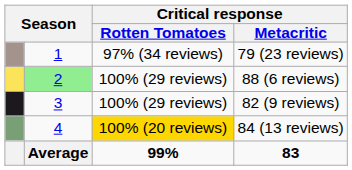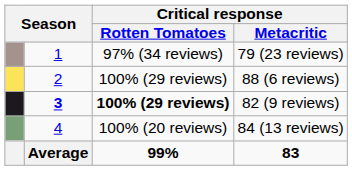 <table class="wikitable plainrowheaders" style="float:right; text-align:center; margin:10px;">
 <tr>
 <th style="padding:0 8px;" colspan="2" rowspan="2">Season</th>
 <th style="padding:0 8px;" colspan="2">Critical response</th>
 </tr>
 <tr>
 <th style="padding:0 8px;"><a href='#'>Rotten Tomatoes</a></th>
 <th style="padding:0 8px;"><a href='#'>Metacritic</a></th>
 </tr>
 <tr>
 <th scope="row" style="width:12px; background:#A4928D;"></th>
 <td><a href='#'>1</a></td>
 <td>97% (34 reviews)</td>
 <td>79 (23 reviews)</td>
 </tr>
 <tr>
 <th scope="row" style="width:12px; background:#FBE45A;"></th>
-<td style="background: lightgreen;"><a href='#'>2</a></td>
+<td><a href='#'>2</a></td>
 <td>100% (29 reviews)</td>
 <td>88 (6 reviews)</td>
 </tr>
 <tr>
 <th scope="row" style="width:12px; background:#1B181E;"></th>
-<td><a href='#'>3</a></td>
-<td>100% (29 reviews)</td>
+<td><strong><a href='#'>3</a></strong></td>
+<td><strong>100% (29 reviews)</strong></td>
 <td>82 (9 reviews)</td>
 </tr>
 <tr>
 <th scope="row" style="width:12px; background:#799F77;"></th>
 <td><a href='#'>4</a></td>
-<td style="background: gold;">100% (20 reviews)</td>
+<td>100% (20 reviews)</td>
 <td>84 (13 reviews)</td>
 </tr>
 <tr>
 <th></th>
 <th><strong>Average</strong></th>
 <td><strong>99%</strong> </td>
 <td><strong>83</strong> </td>
 </tr>
 </table>
